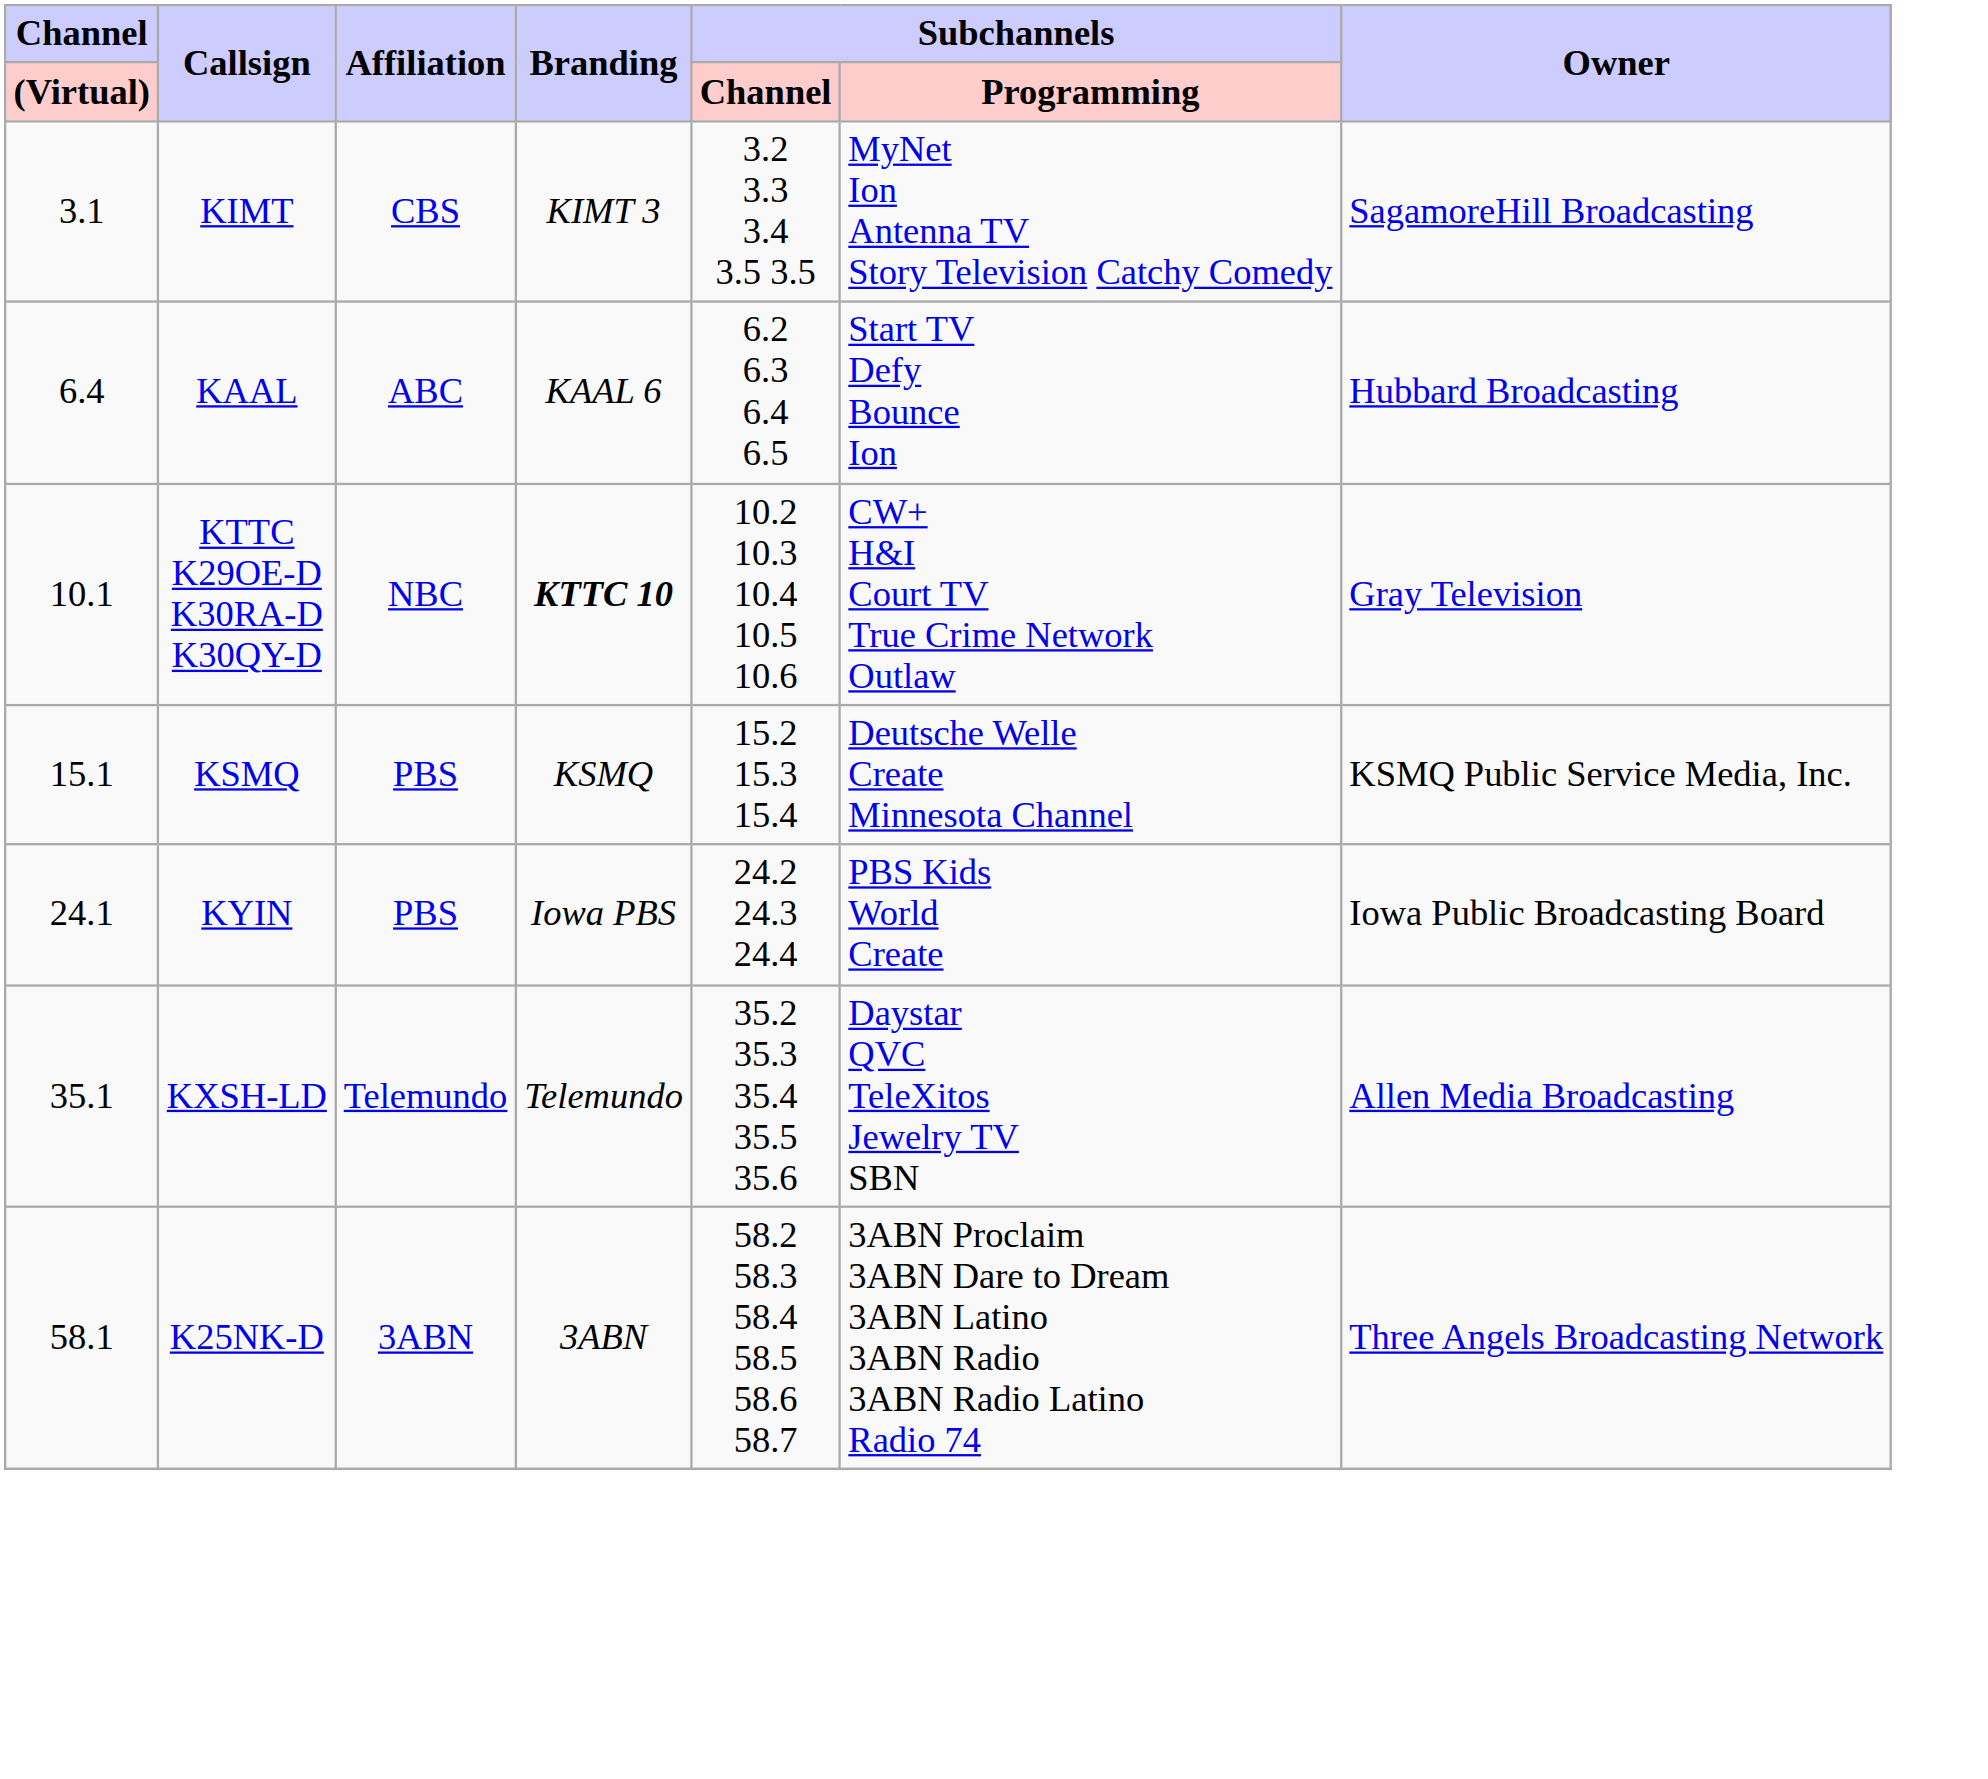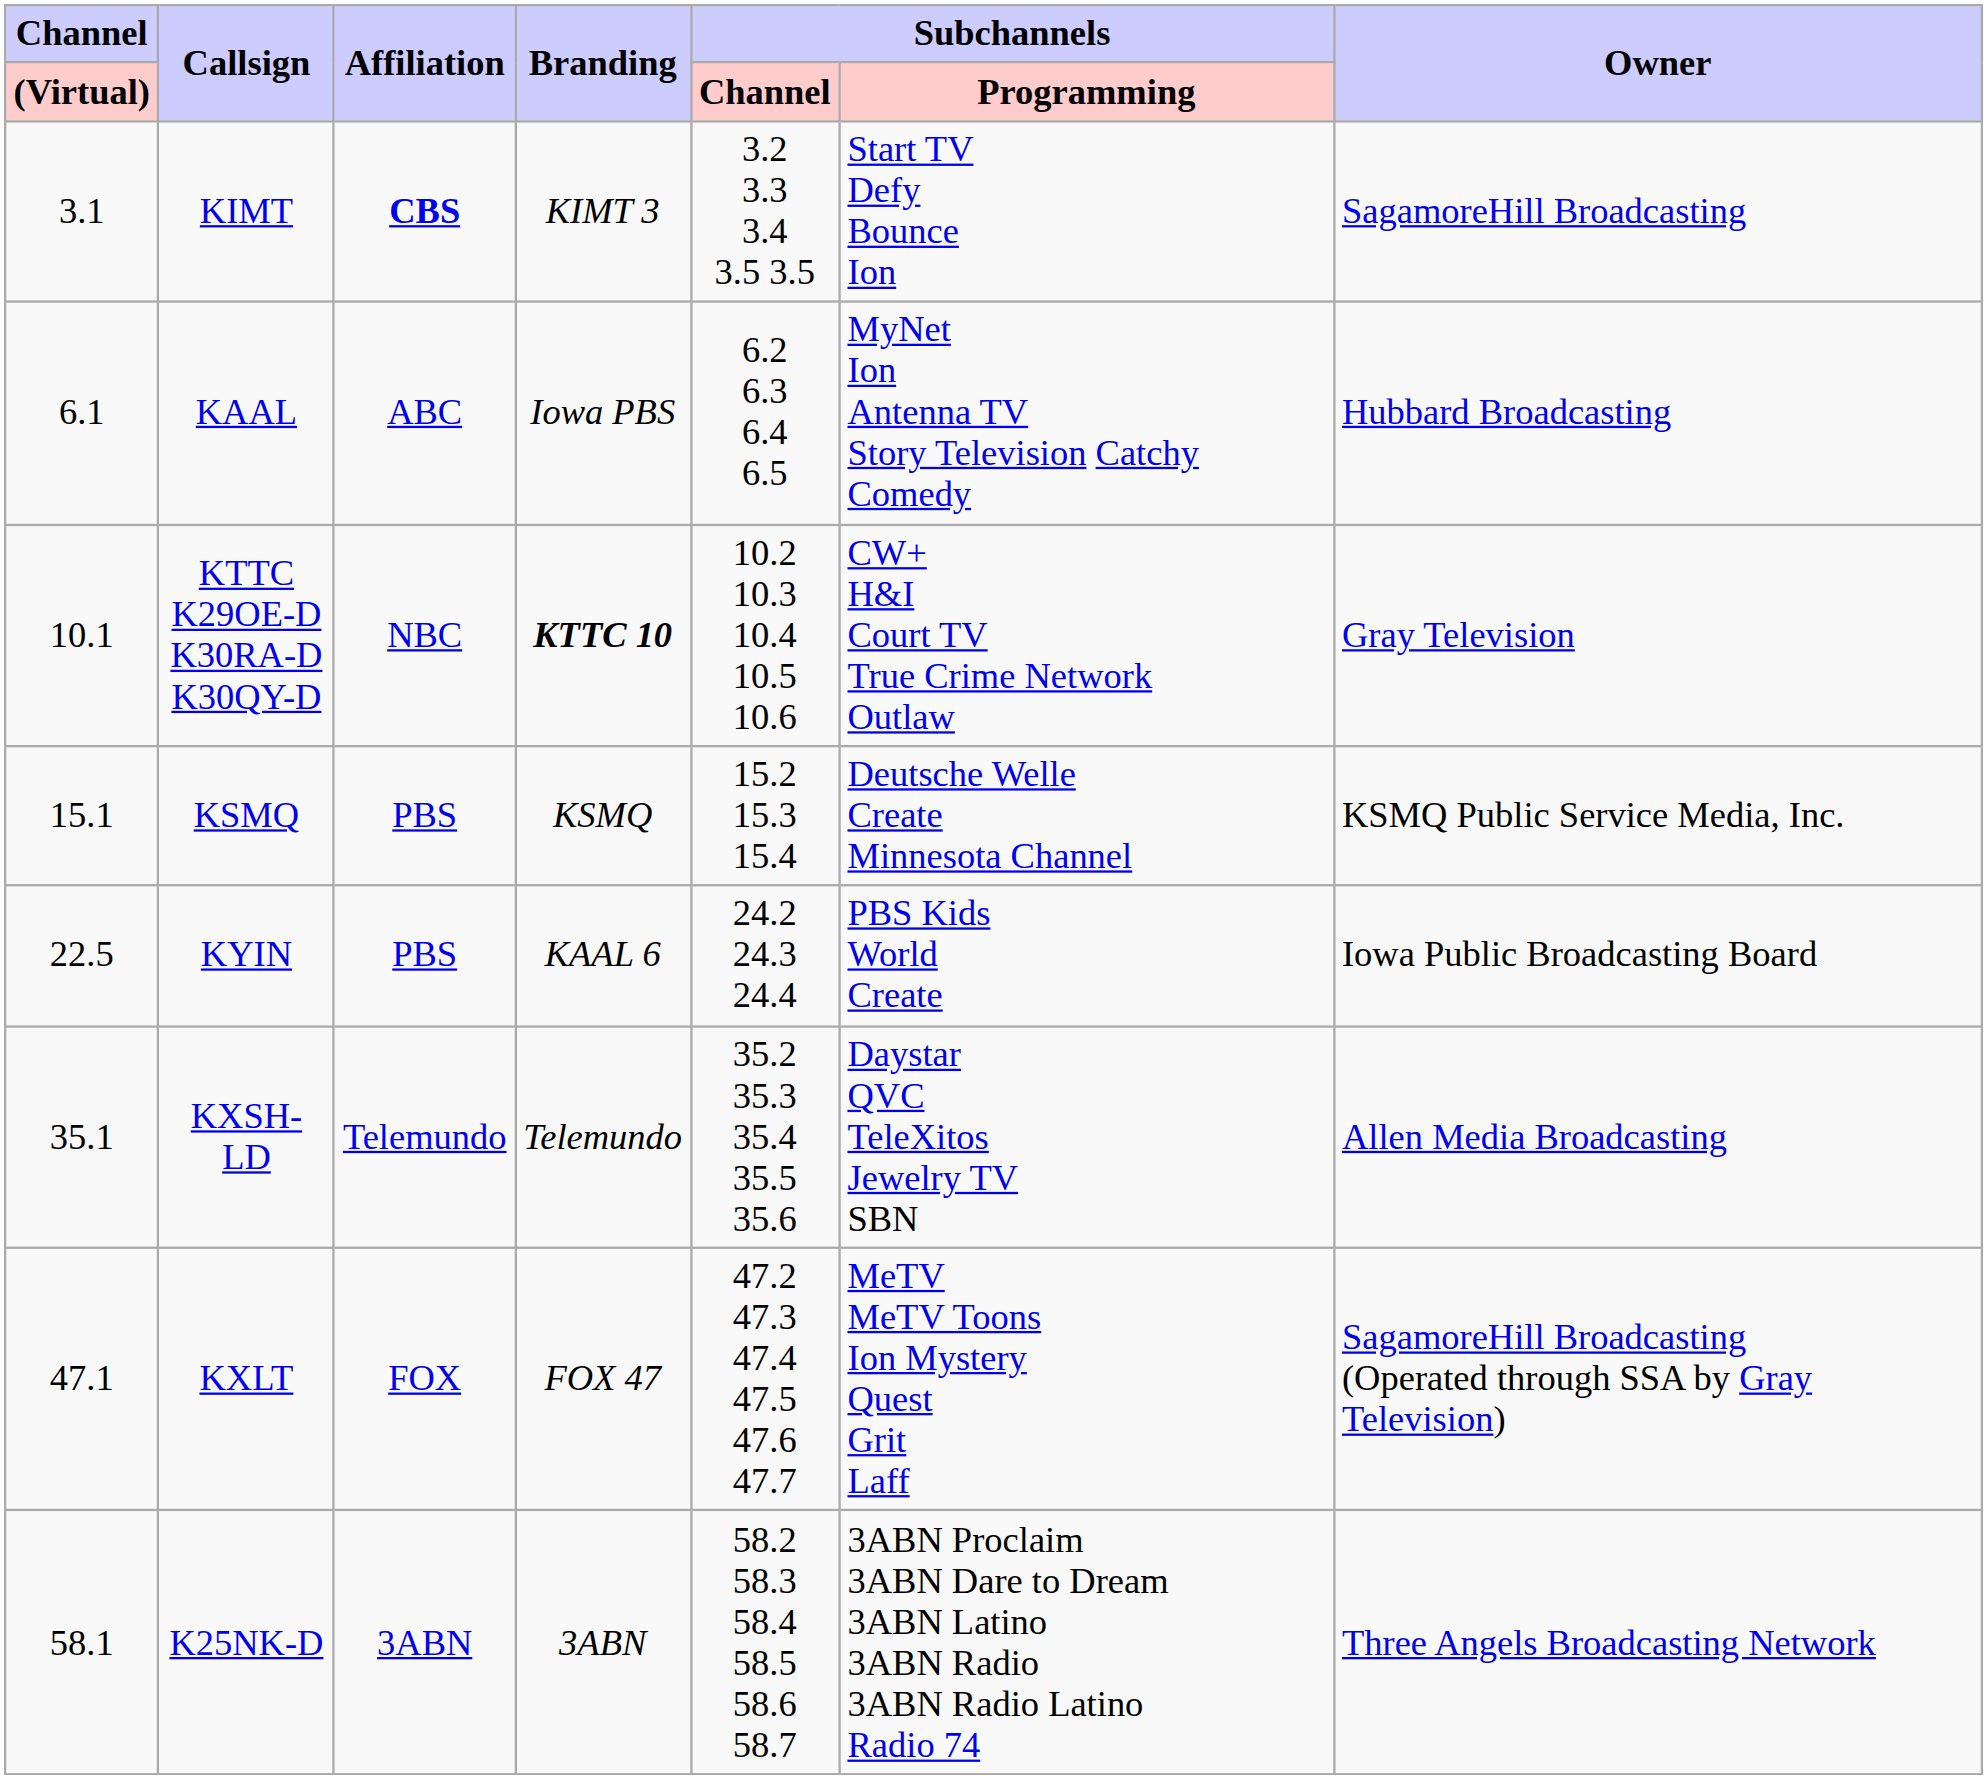 <table class=wikitable style="text-align:center">
 <tr>
 <th style="background:#ccccff;">Channel</th>
 <th style="background:#ccccff;" rowspan="2">Callsign</th>
 <th style="background:#ccccff;" rowspan="2">Affiliation</th>
 <th style="background:#ccccff;" rowspan="2">Branding</th>
 <th style="background:#ccccff;" colspan="2">Subchannels</th>
 <th style="background:#ccccff;" rowspan="2">Owner</th>
 </tr>
 <tr>
 <th style="background:#ffcccc;">(Virtual)</th>
 <th style="background:#ffcccc;">Channel</th>
 <th style="background:#ffcccc">Programming</th>
 </tr>
 <tr>
 <td>3.1</td>
 <td><a href='#'>KIMT</a></td>
-<td><a href='#'>CBS</a></td>
+<td><strong><a href='#'>CBS</a></strong></td>
 <td><em>KIMT 3</em></td>
 <td>3.2<br>3.3<br>3.4<br>3.5 3.5</td>
-<td style="text-align:left"><a href='#'>MyNet</a><br><a href='#'>Ion</a><br><a href='#'>Antenna TV</a><br><a href='#'>Story Television</a> <a href='#'>Catchy Comedy</a></td>
+<td style="text-align:left"><a href='#'>Start TV</a><br><a href='#'>Defy</a><br><a href='#'>Bounce</a><br><a href='#'>Ion</a></td>
 <td style="text-align:left"><a href='#'>SagamoreHill Broadcasting</a></td>
 </tr>
 <tr>
-<td>6.4</td>
+<td>6.1</td>
 <td><a href='#'>KAAL</a></td>
 <td><a href='#'>ABC</a></td>
-<td><em>KAAL 6</em></td>
+<td><em>Iowa PBS</em></td>
 <td>6.2<br>6.3<br>6.4<br>6.5</td>
-<td style="text-align:left"><a href='#'>Start TV</a><br><a href='#'>Defy</a><br><a href='#'>Bounce</a><br><a href='#'>Ion</a></td>
+<td style="text-align:left"><a href='#'>MyNet</a><br><a href='#'>Ion</a><br><a href='#'>Antenna TV</a><br><a href='#'>Story Television</a> <a href='#'>Catchy Comedy</a></td>
 <td style="text-align:left"><a href='#'>Hubbard Broadcasting</a></td>
 </tr>
 <tr>
 <td>10.1</td>
 <td><a href='#'>KTTC</a><br><a href='#'>K29OE-D</a><br><a href='#'>K30RA-D</a><br><a href='#'>K30QY-D</a></td>
 <td><a href='#'>NBC</a></td>
 <td><strong><em>KTTC 10</em></strong></td>
 <td>10.2<br>10.3<br>10.4<br>10.5<br>10.6</td>
 <td style="text-align:left"><a href='#'>CW+</a><br><a href='#'>H&I</a><br><a href='#'>Court TV</a><br><a href='#'>True Crime Network</a><br><a href='#'>Outlaw</a></td>
 <td style="text-align:left"><a href='#'>Gray Television</a></td>
 </tr>
 <tr>
 <td>15.1</td>
 <td><a href='#'>KSMQ</a></td>
 <td><a href='#'>PBS</a></td>
 <td><em>KSMQ</em></td>
 <td>15.2<br>15.3<br>15.4</td>
 <td style="text-align:left"><a href='#'>Deutsche Welle</a><br><a href='#'>Create</a><br><a href='#'>Minnesota Channel</a></td>
 <td style="text-align:left">KSMQ Public Service Media, Inc.</td>
 </tr>
 <tr>
-<td>24.1</td>
+<td>22.5</td>
 <td><a href='#'>KYIN</a></td>
 <td><a href='#'>PBS</a></td>
-<td><em>Iowa PBS</em></td>
+<td><em>KAAL 6</em></td>
 <td>24.2<br>24.3<br>24.4</td>
 <td style="text-align:left"><a href='#'>PBS Kids</a><br><a href='#'>World</a><br><a href='#'>Create</a></td>
 <td style="text-align:left">Iowa Public Broadcasting Board</td>
 </tr>
 <tr>
 <td>35.1</td>
 <td><a href='#'>KXSH-LD</a></td>
 <td><a href='#'>Telemundo</a></td>
 <td><em>Telemundo</em></td>
 <td>35.2<br>35.3<br>35.4<br>35.5<br>35.6</td>
 <td style="text-align:left"><a href='#'>Daystar</a><br><a href='#'>QVC</a><br><a href='#'>TeleXitos</a><br><a href='#'>Jewelry TV</a><br>SBN</td>
 <td style="text-align:left"><a href='#'>Allen Media Broadcasting</a></td>
 </tr>
 <tr>
+<td>47.1</td>
+<td><a href='#'>KXLT</a></td>
+<td><a href='#'>FOX</a></td>
+<td><em>FOX 47</em></td>
+<td>47.2<br>47.3<br>47.4<br>47.5<br>47.6<br>47.7</td>
+<td style="text-align:left"><a href='#'>MeTV</a><br><a href='#'>MeTV Toons</a><br><a href='#'>Ion Mystery</a><br><a href='#'>Quest</a><br><a href='#'>Grit</a><br><a href='#'>Laff</a></td>
+<td style="text-align:left"><a href='#'>SagamoreHill Broadcasting</a><br>(Operated through SSA by <a href='#'>Gray Television</a>)</td>
+</tr>
+<tr>
 <td>58.1</td>
 <td><a href='#'>K25NK-D</a></td>
 <td><a href='#'>3ABN</a></td>
 <td><em>3ABN</em></td>
 <td>58.2<br>58.3<br>58.4<br>58.5<br>58.6<br>58.7</td>
 <td style="text-align:left">3ABN Proclaim<br>3ABN Dare to Dream<br>3ABN Latino<br>3ABN Radio<br>3ABN Radio Latino<br><a href='#'>Radio 74</a></td>
 <td style="text-align:left"><a href='#'>Three Angels Broadcasting Network</a></td>
 </tr>
 <tr>
 </tr>
 </table>
